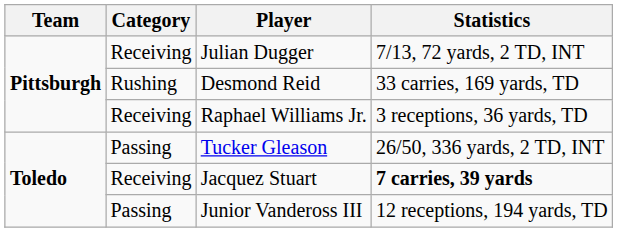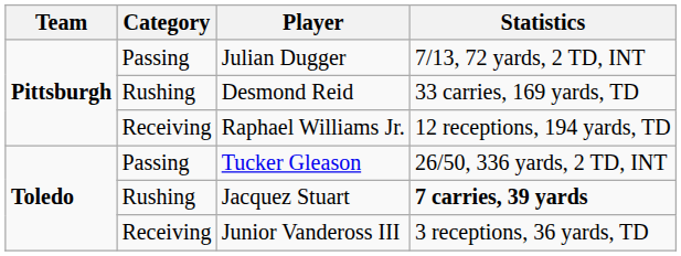 <table class="wikitable" style="float: right;">
 <tr>
 <th>Team</th>
 <th>Category</th>
 <th>Player</th>
 <th>Statistics</th>
 </tr>
 <tr>
 <td rowspan=3><strong>Pittsburgh</strong></td>
-<td>Receiving</td>
+<td>Passing</td>
 <td>Julian Dugger</td>
 <td>7/13, 72 yards, 2 TD, INT</td>
 </tr>
 <tr>
 <td>Rushing</td>
 <td>Desmond Reid</td>
 <td>33 carries, 169 yards, TD</td>
 </tr>
 <tr>
 <td>Receiving</td>
 <td>Raphael Williams Jr.</td>
-<td>3 receptions, 36 yards, TD</td>
+<td>12 receptions, 194 yards, TD</td>
 </tr>
 <tr>
 <td rowspan=3><strong>Toledo</strong></td>
 <td>Passing</td>
 <td><a href='#'>Tucker Gleason</a></td>
 <td>26/50, 336 yards, 2 TD, INT</td>
 </tr>
 <tr>
-<td>Receiving</td>
+<td>Rushing</td>
 <td>Jacquez Stuart</td>
 <td><strong>7 carries, 39 yards</strong></td>
 </tr>
 <tr>
-<td>Passing</td>
+<td>Receiving</td>
 <td>Junior Vandeross III</td>
-<td>12 receptions, 194 yards, TD</td>
+<td>3 receptions, 36 yards, TD</td>
 </tr>
 </table>
